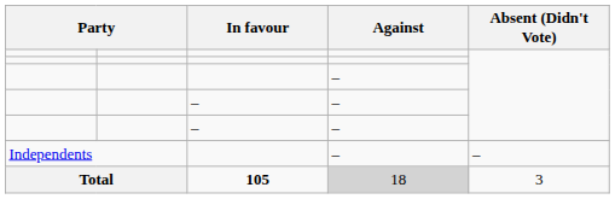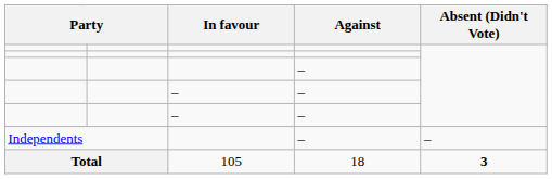 <table class="wikitable" style="font-size:95%;">
 <tr>
 <th style="width:170px;" colspan="2">Party</th>
 <th style="width:130px;">In favour</th>
 <th style="width:130px;">Against</th>
 <th style="width:130px;">Absent (Didn't Vote)</th>
 </tr>
 <tr>
 <td></td>
 <td></td>
 <td></td>
 <td></td>
 </tr>
 <tr>
 <td></td>
 <td></td>
 <td></td>
 <td></td>
 </tr>
 <tr>
 <td></td>
 <td></td>
 <td></td>
 <td>–</td>
 </tr>
 <tr>
 <td></td>
 <td></td>
 <td>–</td>
 <td>–</td>
 </tr>
 <tr>
 <td></td>
 <td></td>
 <td>–</td>
 <td>–</td>
 </tr>
 <tr>
 <td colspan="2"><a href='#'>Independents</a></td>
 <td></td>
 <td>–</td>
 <td>–</td>
 </tr>
 <tr style="text-align:center;">
 <th colspan="2">Total</th>
-<td><strong>105</strong></td>
-<td style="background: lightgrey;">18</td>
-<td>3</td>
+<td>105</td>
+<td>18</td>
+<td><strong>3</strong></td>
 </tr>
 </table>
